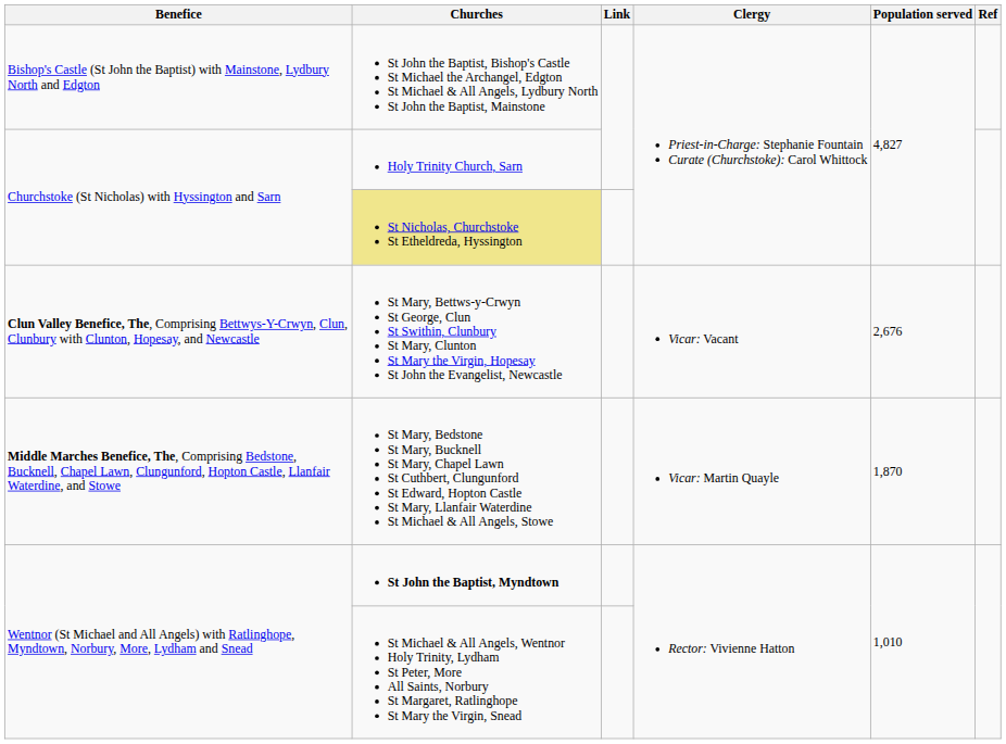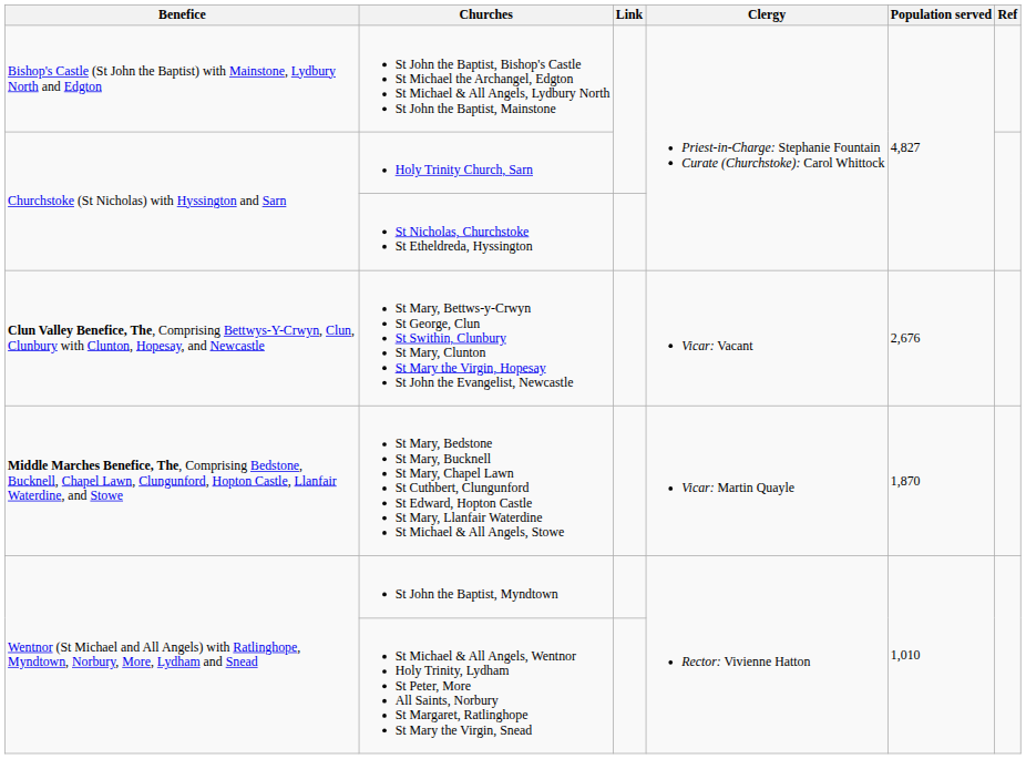 <table class="wikitable">
 <tr>
 <th width="425">Benefice</th>
 <th>Churches</th>
 <th>Link</th>
 <th>Clergy</th>
 <th>Population served</th>
 <th>Ref</th>
 </tr>
 <tr>
 <td><a href='#'>Bishop's Castle</a> (St John the Baptist) with <a href='#'>Mainstone</a>, <a href='#'>Lydbury North</a> and <a href='#'>Edgton</a></td>
 <td><br><ul><li>St John the Baptist, Bishop's Castle</li><li>St Michael the Archangel, Edgton</li><li>St Michael & All Angels, Lydbury North</li><li>St John the Baptist, Mainstone</li></ul></td>
 <td rowspan="2"></td>
 <td rowspan="3"><br><ul><li><em>Priest-in-Charge:</em> Stephanie Fountain</li><li><em>Curate (Churchstoke):</em> Carol Whittock</li></ul></td>
 <td rowspan="3">4,827</td>
 <td></td>
 </tr>
 <tr>
 <td rowspan="2"><a href='#'>Churchstoke</a> (St Nicholas) with <a href='#'>Hyssington</a> and <a href='#'>Sarn</a></td>
 <td><br><ul><li><a href='#'>Holy Trinity Church, Sarn</a></li></ul></td>
 <td rowspan="2"></td>
 </tr>
 <tr>
-<td style="background: khaki;"><br><ul><li><a href='#'>St Nicholas, Churchstoke</a></li><li>St Etheldreda, Hyssington</li></ul></td>
+<td><br><ul><li><a href='#'>St Nicholas, Churchstoke</a></li><li>St Etheldreda, Hyssington</li></ul></td>
 <td></td>
 </tr>
 <tr>
 <td><strong>Clun Valley Benefice, The</strong>, Comprising <a href='#'>Bettwys-Y-Crwyn</a>, <a href='#'>Clun</a>, <a href='#'>Clunbury</a> with <a href='#'>Clunton</a>, <a href='#'>Hopesay</a>, and <a href='#'>Newcastle</a></td>
 <td><br><ul><li>St Mary, Bettws-y-Crwyn</li><li>St George, Clun</li><li><a href='#'>St Swithin, Clunbury</a></li><li>St Mary, Clunton</li><li><a href='#'>St Mary the Virgin, Hopesay</a></li><li>St John the Evangelist, Newcastle</li></ul></td>
 <td></td>
 <td><br><ul><li><em>Vicar:</em> Vacant</li></ul></td>
 <td>2,676</td>
 <td></td>
 </tr>
 <tr>
 <td><strong>Middle Marches Benefice, The</strong>, Comprising <a href='#'>Bedstone</a>, <a href='#'>Bucknell</a>, <a href='#'>Chapel Lawn</a>, <a href='#'>Clungunford</a>, <a href='#'>Hopton Castle</a>, <a href='#'>Llanfair Waterdine</a>, and <a href='#'>Stowe</a></td>
 <td><br><ul><li>St Mary, Bedstone</li><li>St Mary, Bucknell</li><li>St Mary, Chapel Lawn</li><li>St Cuthbert, Clungunford</li><li>St Edward, Hopton Castle</li><li>St Mary, Llanfair Waterdine</li><li>St Michael & All Angels, Stowe</li></ul></td>
 <td> </td>
 <td><br><ul><li><em>Vicar:</em> Martin Quayle</li></ul></td>
 <td>1,870</td>
 <td></td>
 </tr>
 <tr>
 <td rowspan="2"><a href='#'>Wentnor</a> (St Michael and All Angels) with <a href='#'>Ratlinghope</a>, <a href='#'>Myndtown</a>, <a href='#'>Norbury</a>, <a href='#'>More</a>, <a href='#'>Lydham</a> and <a href='#'>Snead</a></td>
-<td><strong><br><ul><li>St John the Baptist, Myndtown</li></ul></strong></td>
+<td><br><ul><li>St John the Baptist, Myndtown</li></ul></td>
 <td></td>
 <td rowspan="2"><br><ul><li><em>Rector:</em> Vivienne Hatton</li></ul></td>
 <td rowspan="2">1,010</td>
 <td rowspan="2"></td>
 </tr>
 <tr>
 <td><br><ul><li>St Michael & All Angels, Wentnor</li><li>Holy Trinity, Lydham</li><li>St Peter, More</li><li>All Saints, Norbury</li><li>St Margaret, Ratlinghope</li><li>St Mary the Virgin, Snead</li></ul></td>
 <td></td>
 </tr>
 </table>
